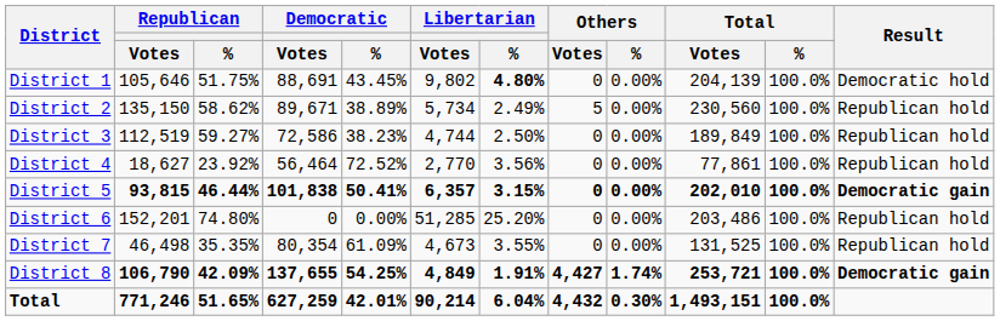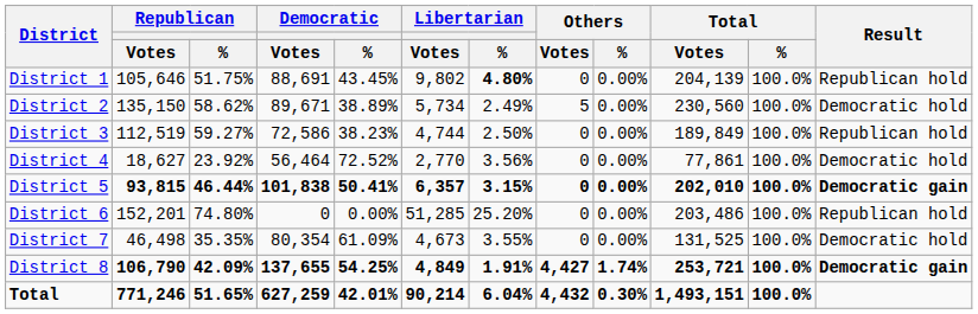 <table class="wikitable plainrowheaders sortable" style="font-size:100%; text-align:right;">
 <tr>
 <th scope=col rowspan=3><a href='#'>District</a></th>
 <th scope=col colspan=2><a href='#'>Republican</a></th>
 <th scope=col colspan=2><a href='#'>Democratic</a></th>
 <th scope=col colspan=2><a href='#'>Libertarian</a></th>
 <th scope=col colspan=2 rowspan=2>Others</th>
 <th scope=col colspan=2 rowspan=2>Total</th>
 <th scope=col rowspan=3>Result</th>
 </tr>
 <tr>
 <th scope=col colspan=2 style="background:"></th>
 <th scope=col colspan=2 style="background:"></th>
 <th scope=col colspan=2 style="background:"></th>
 </tr>
 <tr>
 <th scope=col data-sort-type="number">Votes</th>
 <th scope=col data-sort-type="number">%</th>
 <th scope=col data-sort-type="number">Votes</th>
 <th scope=col data-sort-type="number">%</th>
 <th scope=col data-sort-type="number">Votes</th>
 <th scope=col data-sort-type="number">%</th>
 <th scope=col data-sort-type="number">Votes</th>
 <th scope=col data-sort-type="number">%</th>
 <th scope=col data-sort-type="number">Votes</th>
 <th scope=col data-sort-type="number">%</th>
 </tr>
 <tr>
 <td align=left><a href='#'>District 1</a></td>
 <td>105,646</td>
 <td>51.75%</td>
 <td>88,691</td>
 <td>43.45%</td>
 <td>9,802</td>
 <td><strong>4.80%</strong></td>
 <td>0</td>
 <td>0.00%</td>
 <td>204,139</td>
 <td>100.0%</td>
-<td align=left>Democratic hold</td>
+<td align=left>Republican hold</td>
 </tr>
 <tr>
 <td align=left><a href='#'>District 2</a></td>
 <td>135,150</td>
 <td>58.62%</td>
 <td>89,671</td>
 <td>38.89%</td>
 <td>5,734</td>
 <td>2.49%</td>
 <td>5</td>
 <td>0.00%</td>
 <td>230,560</td>
 <td>100.0%</td>
-<td align=left>Republican hold</td>
+<td align=left>Democratic hold</td>
 </tr>
 <tr>
 <td align=left><a href='#'>District 3</a></td>
 <td>112,519</td>
 <td>59.27%</td>
 <td>72,586</td>
 <td>38.23%</td>
 <td>4,744</td>
 <td>2.50%</td>
 <td>0</td>
 <td>0.00%</td>
 <td>189,849</td>
 <td>100.0%</td>
 <td align=left>Republican hold</td>
 </tr>
 <tr>
 <td align=left><a href='#'>District 4</a></td>
 <td>18,627</td>
 <td>23.92%</td>
 <td>56,464</td>
 <td>72.52%</td>
 <td>2,770</td>
 <td>3.56%</td>
 <td>0</td>
 <td>0.00%</td>
 <td>77,861</td>
 <td>100.0%</td>
-<td align=left>Republican hold</td>
+<td align=left>Democratic hold</td>
 </tr>
 <tr>
 <td align=left><a href='#'>District 5</a></td>
 <td><strong>93,815</strong></td>
 <td><strong>46.44%</strong></td>
 <td><strong>101,838</strong></td>
 <td><strong>50.41%</strong></td>
 <td><strong>6,357</strong></td>
 <td><strong>3.15%</strong></td>
 <td><strong>0</strong></td>
 <td><strong>0.00%</strong></td>
 <td><strong>202,010</strong></td>
 <td><strong>100.0%</strong></td>
 <td align=left><strong>Democratic gain</strong></td>
 </tr>
 <tr>
 <td align=left><a href='#'>District 6</a></td>
 <td>152,201</td>
 <td>74.80%</td>
 <td>0</td>
 <td>0.00%</td>
 <td>51,285</td>
 <td>25.20%</td>
 <td>0</td>
 <td>0.00%</td>
 <td>203,486</td>
 <td>100.0%</td>
 <td align=left>Republican hold</td>
 </tr>
 <tr>
 <td align=left><a href='#'>District 7</a></td>
 <td>46,498</td>
 <td>35.35%</td>
 <td>80,354</td>
 <td>61.09%</td>
 <td>4,673</td>
 <td>3.55%</td>
 <td>0</td>
 <td>0.00%</td>
 <td>131,525</td>
 <td>100.0%</td>
-<td align=left>Republican hold</td>
+<td align=left>Democratic hold</td>
 </tr>
 <tr>
 <td align=left><a href='#'>District 8</a></td>
 <td><strong>106,790</strong></td>
 <td><strong>42.09%</strong></td>
 <td><strong>137,655</strong></td>
 <td><strong>54.25%</strong></td>
 <td><strong>4,849</strong></td>
 <td><strong>1.91%</strong></td>
 <td><strong>4,427</strong></td>
 <td><strong>1.74%</strong></td>
 <td><strong>253,721</strong></td>
 <td><strong>100.0%</strong></td>
 <td align=left><strong>Democratic gain</strong></td>
 </tr>
 <tr class="sortbottom" style="font-weight:bold">
 <td align=left>Total</td>
 <td>771,246</td>
 <td>51.65%</td>
 <td>627,259</td>
 <td>42.01%</td>
 <td>90,214</td>
 <td>6.04%</td>
 <td>4,432</td>
 <td>0.30%</td>
 <td>1,493,151</td>
 <td>100.0%</td>
 <td></td>
 </tr>
 </table>
